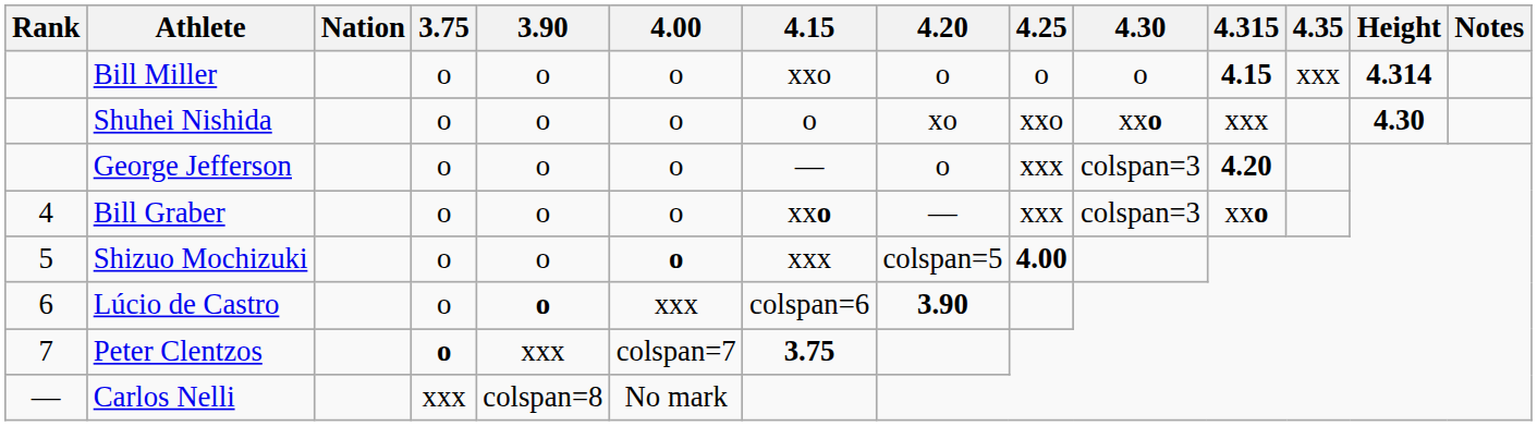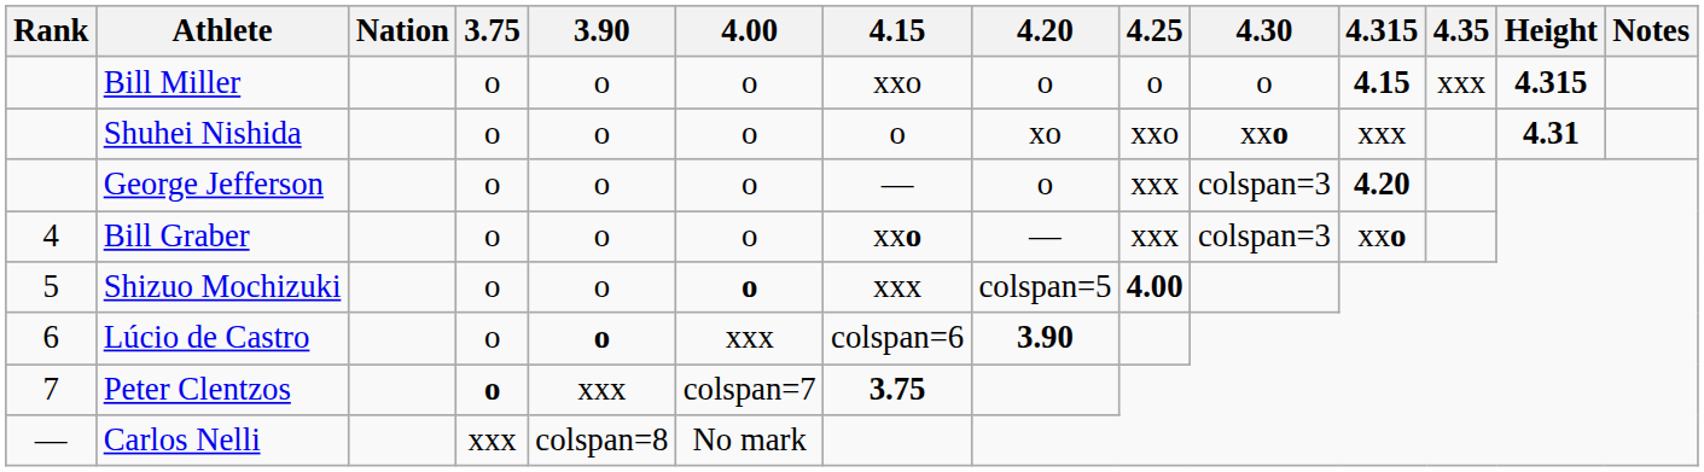 <table class="wikitable sortable" style="text-align:center">
 <tr>
 <th>Rank</th>
 <th>Athlete</th>
 <th>Nation</th>
 <th>3.75</th>
 <th>3.90</th>
 <th>4.00</th>
 <th>4.15</th>
 <th>4.20</th>
 <th>4.25</th>
 <th>4.30</th>
 <th>4.315</th>
 <th>4.35</th>
 <th>Height</th>
 <th>Notes</th>
 </tr>
 <tr>
 <td></td>
 <td align=left><a href='#'>Bill Miller</a></td>
 <td align=left></td>
 <td>o</td>
 <td>o</td>
 <td>o</td>
 <td>xxo</td>
 <td>o</td>
 <td>o</td>
 <td>o</td>
 <td><strong>4.15</strong></td>
 <td>xxx</td>
-<td><strong>4.314</strong></td>
+<td><strong>4.315</strong></td>
 <td></td>
 </tr>
 <tr>
 <td></td>
 <td align=left><a href='#'>Shuhei Nishida</a></td>
 <td align=left></td>
 <td>o</td>
 <td>o</td>
 <td>o</td>
 <td>o</td>
 <td>xo</td>
 <td>xxo</td>
 <td>xx<strong>o</strong></td>
 <td>xxx</td>
 <td></td>
-<td><strong>4.30</strong></td>
+<td><strong>4.31</strong></td>
 <td></td>
 </tr>
 <tr>
 <td></td>
 <td align=left><a href='#'>George Jefferson</a></td>
 <td align=left></td>
 <td>o</td>
 <td>o</td>
 <td>o</td>
 <td>—</td>
 <td>o</td>
 <td>xxx</td>
 <td>colspan=3 </td>
 <td><strong>4.20</strong></td>
 <td></td>
 </tr>
 <tr>
 <td>4</td>
 <td align=left><a href='#'>Bill Graber</a></td>
 <td align=left></td>
 <td>o</td>
 <td>o</td>
 <td>o</td>
 <td>xx<strong>o</strong></td>
 <td>—</td>
 <td>xxx</td>
 <td>colspan=3 </td>
 <td>xx<strong>o</strong></td>
 <td></td>
 </tr>
 <tr>
 <td>5</td>
 <td align=left><a href='#'>Shizuo Mochizuki</a></td>
 <td align=left></td>
 <td>o</td>
 <td>o</td>
 <td><strong>o</strong></td>
 <td>xxx</td>
 <td>colspan=5 </td>
 <td><strong>4.00</strong></td>
 <td></td>
 </tr>
 <tr>
 <td>6</td>
 <td align=left><a href='#'>Lúcio de Castro</a></td>
 <td align=left></td>
 <td>o</td>
 <td><strong>o</strong></td>
 <td>xxx</td>
 <td>colspan=6 </td>
 <td><strong>3.90</strong></td>
 <td></td>
 </tr>
 <tr>
 <td>7</td>
 <td align=left><a href='#'>Peter Clentzos</a></td>
 <td align=left></td>
 <td><strong>o</strong></td>
 <td>xxx</td>
 <td>colspan=7 </td>
 <td><strong>3.75</strong></td>
 <td></td>
 </tr>
 <tr>
 <td data-sort-value=8>—</td>
 <td align=left><a href='#'>Carlos Nelli</a></td>
 <td align=left></td>
 <td>xxx</td>
 <td>colspan=8 </td>
 <td data-sort-value=1.00>No mark</td>
 <td></td>
 </tr>
 </table>
